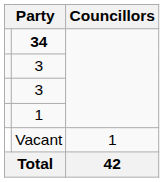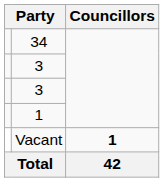 <table class="wikitable">
 <tr>
 <th colspan=2>Party</th>
 <th>Councillors</th>
 </tr>
 <tr>
 <td></td>
-<td align=center><strong>34</strong></td>
+<td align=center>34</td>
 </tr>
 <tr>
 <td></td>
 <td align=center>3</td>
 </tr>
 <tr>
 <td></td>
 <td align=center>3</td>
 </tr>
 <tr>
 <td></td>
 <td align=center>1</td>
 </tr>
 <tr>
 <td style="background-color: white;"></td>
 <td>Vacant</td>
-<td align=center>1</td>
+<td align=center><strong>1</strong></td>
 </tr>
 <tr>
 <th colspan=2>Total</th>
 <th align=center>42</th>
 </tr>
 </table>
